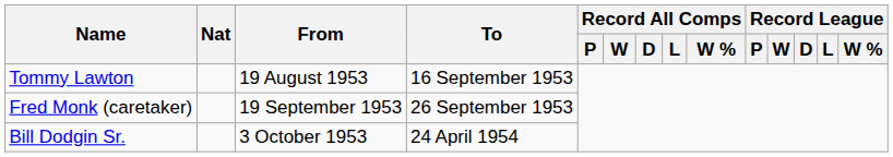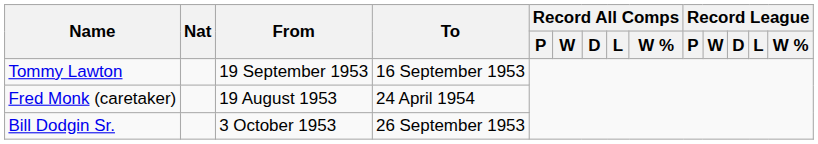 <table style="text-align: center" class="wikitable">
 <tr>
 <th rowspan="2">Name</th>
 <th rowspan="2">Nat</th>
 <th rowspan="2">From</th>
 <th rowspan="2">To</th>
 <th colspan="5">Record All Comps</th>
 <th colspan="5">Record League</th>
 </tr>
 <tr>
 <th>P</th>
 <th>W</th>
 <th>D</th>
 <th>L</th>
 <th>W %</th>
 <th>P</th>
 <th>W</th>
 <th>D</th>
 <th>L</th>
 <th>W %</th>
 </tr>
 <tr>
 <td style="text-align:left;"><a href='#'>Tommy Lawton</a></td>
 <td></td>
-<td style="text-align:left;">19 August 1953</td>
+<td style="text-align:left;">19 September 1953</td>
 <td style="text-align:left;">16 September 1953<br> </td>
 </tr>
 <tr>
 <td style="text-align:left;"><a href='#'>Fred Monk</a> (caretaker)</td>
 <td></td>
-<td style="text-align:left;">19 September 1953</td>
-<td style="text-align:left;">26 September 1953<br> </td>
+<td style="text-align:left;">19 August 1953</td>
+<td style="text-align:left;">24 April 1954<br> </td>
 </tr>
 <tr>
 <td style="text-align:left;"><a href='#'>Bill Dodgin Sr.</a></td>
 <td></td>
 <td style="text-align:left;">3 October 1953</td>
-<td style="text-align:left;">24 April 1954<br> </td>
+<td style="text-align:left;">26 September 1953<br> </td>
 </tr>
 </table>
